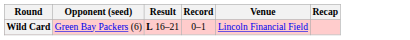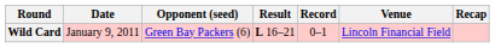 <table class="wikitable" style="text-align:center">
 <tr>
 <th>Round</th>
+<th>Date</th>
 <th>Opponent (seed)</th>
 <th>Result</th>
 <th>Record</th>
 <th>Venue</th>
 <th>Recap</th>
 </tr>
 <tr style="background:#fcc">
 <th>Wild Card</th>
+<td>January 9, 2011</td>
 <td><a href='#'>Green Bay Packers</a> (6)</td>
 <td><strong>L</strong> 16–21</td>
 <td>0–1</td>
 <td><a href='#'>Lincoln Financial Field</a></td>
 <td></td>
 </tr>
 </table>
